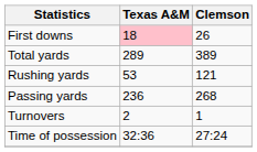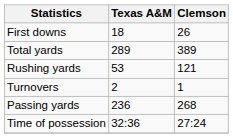 <table class="wikitable" style="float: left;">
 <tr>
 <th>Statistics</th>
 <th>Texas A&M</th>
 <th>Clemson</th>
 </tr>
 <tr>
 <td>First downs</td>
-<td style="background: pink;">18</td>
+<td>18</td>
 <td>26</td>
 </tr>
 <tr>
 <td>Total yards</td>
 <td>289</td>
 <td>389</td>
 </tr>
 <tr>
 <td>Rushing yards</td>
 <td>53</td>
 <td>121</td>
 </tr>
 <tr>
+<td>Turnovers</td>
+<td>2</td>
+<td>1</td>
+</tr>
+<tr>
 <td>Passing yards</td>
 <td>236</td>
 <td>268</td>
-</tr>
-<tr>
-<td>Turnovers</td>
-<td>2</td>
-<td>1</td>
 </tr>
 <tr>
 <td>Time of possession</td>
 <td>32:36</td>
 <td>27:24</td>
 </tr>
 <tr>
 </tr>
 </table>
